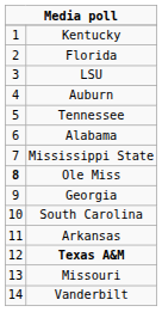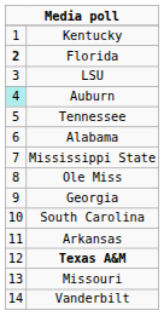 <table class="wikitable">
 <tr align="center">
 <td align="center" Colspan="3"><strong>Media poll</strong></td>
 </tr>
 <tr align="center">
 </tr>
 <tr align="center">
 <td>1</td>
 <td>Kentucky</td>
 </tr>
 <tr align="center">
-<td>2</td>
+<td><strong>2</strong></td>
 <td>Florida</td>
 </tr>
 <tr align="center">
 <td>3</td>
 <td>LSU</td>
 </tr>
 <tr align="center">
-<td>4</td>
+<td style="background: paleturquoise;">4</td>
 <td>Auburn</td>
 </tr>
 <tr align="center">
 <td>5</td>
 <td>Tennessee</td>
 </tr>
 <tr align="center">
 <td>6</td>
 <td>Alabama</td>
 </tr>
 <tr align="center">
 <td>7</td>
 <td>Mississippi State</td>
 </tr>
 <tr align="center">
-<td><strong>8</strong></td>
+<td>8</td>
 <td>Ole Miss</td>
 </tr>
 <tr align="center">
 <td>9</td>
 <td>Georgia</td>
 </tr>
 <tr align="center">
 <td>10</td>
 <td>South Carolina</td>
 </tr>
 <tr align="center">
 <td>11</td>
 <td>Arkansas</td>
 </tr>
 <tr align="center">
 <td>12</td>
 <td><strong>Texas A&M</strong></td>
 </tr>
 <tr align="center">
 <td>13</td>
 <td>Missouri</td>
 </tr>
 <tr align="center">
 <td>14</td>
 <td>Vanderbilt</td>
 </tr>
 </table>
